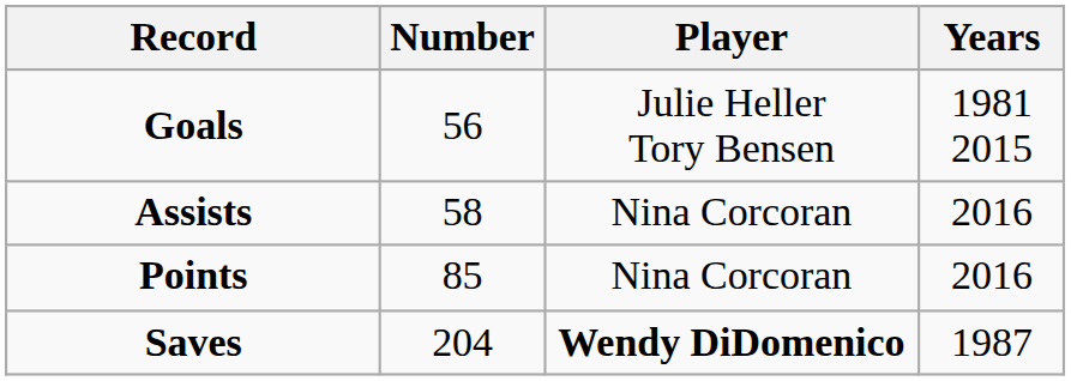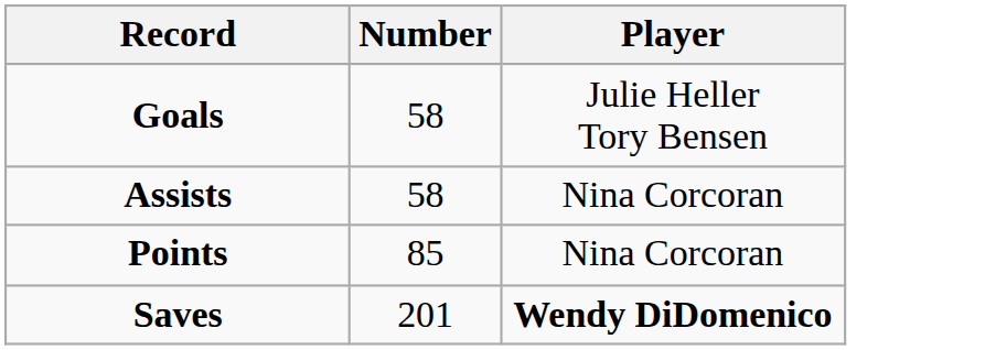 <table class="wikitable">
 <tr>
 <th style="width:140px; ">Record</th>
 <th style="width:35px; ">Number</th>
 <th style="width:140px; ">Player</th>
-<th style="width:50px; ">Years</th>
 </tr>
 <tr style="text-align:center;">
 <td><strong>Goals</strong></td>
-<td>56</td>
+<td>58</td>
 <td>Julie Heller<br>Tory Bensen</td>
-<td>1981<br>2015</td>
 </tr>
 <tr style="text-align:center;">
 <td><strong>Assists</strong></td>
 <td>58</td>
 <td>Nina Corcoran</td>
-<td>2016</td>
 </tr>
 <tr style="text-align:center;">
 <td><strong>Points</strong></td>
 <td>85</td>
 <td>Nina Corcoran</td>
-<td>2016</td>
 </tr>
 <tr style="text-align:center;">
 <td><strong>Saves</strong></td>
-<td>204</td>
+<td>201</td>
 <td><strong>Wendy DiDomenico</strong></td>
-<td>1987</td>
 </tr>
 </table>
